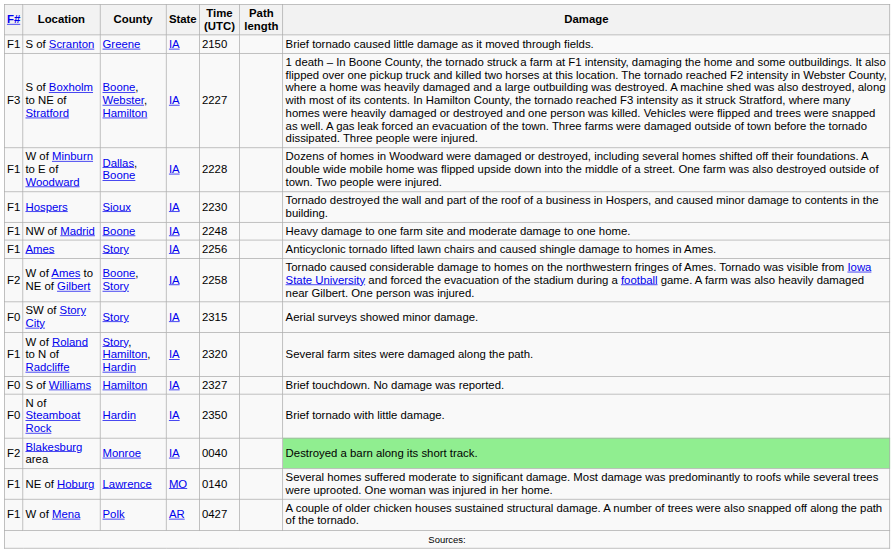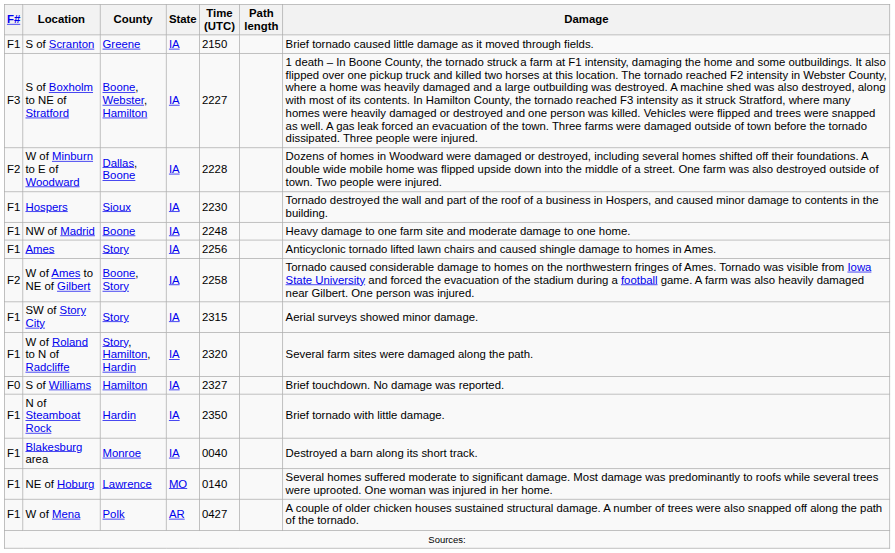 <table class="wikitable">
 <tr>
 <th><strong><a href='#'>F#</a></strong></th>
 <th><strong>Location</strong></th>
 <th><strong>County</strong></th>
 <th><strong>State</strong></th>
 <th><strong>Time (UTC)</strong></th>
 <th><strong>Path length</strong></th>
 <th><strong>Damage</strong></th>
 </tr>
 <tr>
 <td>F1</td>
 <td>S of <a href='#'>Scranton</a></td>
 <td><a href='#'>Greene</a></td>
 <td><a href='#'>IA</a></td>
 <td>2150</td>
 <td></td>
 <td>Brief tornado caused little damage as it moved through fields.</td>
 </tr>
 <tr>
 <td>F3</td>
 <td>S of <a href='#'>Boxholm</a> to NE of <a href='#'>Stratford</a></td>
 <td><a href='#'>Boone</a>, <a href='#'>Webster</a>, <a href='#'>Hamilton</a></td>
 <td><a href='#'>IA</a></td>
 <td>2227</td>
 <td></td>
 <td>1 death – In Boone County, the tornado struck a farm at F1 intensity, damaging the home and some outbuildings. It also flipped over one pickup truck and killed two horses at this location. The tornado reached F2 intensity in Webster County, where a home was heavily damaged and a large outbuilding was destroyed. A machine shed was also destroyed, along with most of its contents. In Hamilton County, the tornado reached F3 intensity as it struck Stratford, where many homes were heavily damaged or destroyed and one person was killed. Vehicles were flipped and trees were snapped as well. A gas leak forced an evacuation of the town. Three farms were damaged outside of town before the tornado dissipated. Three people were injured.</td>
 </tr>
 <tr>
-<td>F1</td>
+<td>F2</td>
 <td>W of <a href='#'>Minburn</a> to E of <a href='#'>Woodward</a></td>
 <td><a href='#'>Dallas</a>, <a href='#'>Boone</a></td>
 <td><a href='#'>IA</a></td>
 <td>2228</td>
 <td></td>
 <td>Dozens of homes in Woodward were damaged or destroyed, including several homes shifted off their foundations. A double wide mobile home was flipped upside down into the middle of a street. One farm was also destroyed outside of town. Two people were injured.</td>
 </tr>
 <tr>
 <td>F1</td>
 <td><a href='#'>Hospers</a></td>
 <td><a href='#'>Sioux</a></td>
 <td><a href='#'>IA</a></td>
 <td>2230</td>
 <td></td>
 <td>Tornado destroyed the wall and part of the roof of a business in Hospers, and caused minor damage to contents in the building.</td>
 </tr>
 <tr>
 <td>F1</td>
 <td>NW of <a href='#'>Madrid</a></td>
 <td><a href='#'>Boone</a></td>
 <td><a href='#'>IA</a></td>
 <td>2248</td>
 <td></td>
 <td>Heavy damage to one farm site and moderate damage to one home.</td>
 </tr>
 <tr>
 <td>F1</td>
 <td><a href='#'>Ames</a></td>
 <td><a href='#'>Story</a></td>
 <td><a href='#'>IA</a></td>
 <td>2256</td>
 <td></td>
 <td>Anticyclonic tornado lifted lawn chairs and caused shingle damage to homes in Ames.</td>
 </tr>
 <tr>
 <td>F2</td>
 <td>W of <a href='#'>Ames</a> to NE of <a href='#'>Gilbert</a></td>
 <td><a href='#'>Boone</a>, <a href='#'>Story</a></td>
 <td><a href='#'>IA</a></td>
 <td>2258</td>
 <td></td>
 <td>Tornado caused considerable damage to homes on the northwestern fringes of Ames. Tornado was visible from <a href='#'>Iowa State University</a> and forced the evacuation of the stadium during a <a href='#'>football</a> game. A farm was also heavily damaged near Gilbert. One person was injured.</td>
 </tr>
 <tr>
-<td>F0</td>
+<td>F1</td>
 <td>SW of <a href='#'>Story City</a></td>
 <td><a href='#'>Story</a></td>
 <td><a href='#'>IA</a></td>
 <td>2315</td>
 <td></td>
 <td>Aerial surveys showed minor damage.</td>
 </tr>
 <tr>
 <td>F1</td>
 <td>W of <a href='#'>Roland</a> to N of <a href='#'>Radcliffe</a></td>
 <td><a href='#'>Story</a>, <a href='#'>Hamilton</a>, <a href='#'>Hardin</a></td>
 <td><a href='#'>IA</a></td>
 <td>2320</td>
 <td></td>
 <td>Several farm sites were damaged along the path.</td>
 </tr>
 <tr>
 <td>F0</td>
 <td>S of <a href='#'>Williams</a></td>
 <td><a href='#'>Hamilton</a></td>
 <td><a href='#'>IA</a></td>
 <td>2327</td>
 <td></td>
 <td>Brief touchdown. No damage was reported.</td>
 </tr>
 <tr>
-<td>F0</td>
+<td>F1</td>
 <td>N of <a href='#'>Steamboat Rock</a></td>
 <td><a href='#'>Hardin</a></td>
 <td><a href='#'>IA</a></td>
 <td>2350</td>
 <td></td>
 <td>Brief tornado with little damage.</td>
 </tr>
 <tr>
-<td>F2</td>
+<td>F1</td>
 <td><a href='#'>Blakesburg</a> area</td>
 <td><a href='#'>Monroe</a></td>
 <td><a href='#'>IA</a></td>
 <td>0040</td>
 <td></td>
-<td style="background: lightgreen;">Destroyed a barn along its short track.</td>
+<td>Destroyed a barn along its short track.</td>
 </tr>
 <tr>
 <td>F1</td>
 <td>NE of <a href='#'>Hoburg</a></td>
 <td><a href='#'>Lawrence</a></td>
 <td><a href='#'>MO</a></td>
 <td>0140</td>
 <td></td>
 <td>Several homes suffered moderate to significant damage. Most damage was predominantly to roofs while several trees were uprooted. One woman was injured in her home.</td>
 </tr>
 <tr>
 <td>F1</td>
 <td>W of <a href='#'>Mena</a></td>
 <td><a href='#'>Polk</a></td>
 <td><a href='#'>AR</a></td>
 <td>0427</td>
 <td></td>
 <td>A couple of older chicken houses sustained structural damage. A number of trees were also snapped off along the path of the tornado.</td>
 </tr>
 <tr>
 <td colspan="8" align=center><small>Sources:  </small></td>
 </tr>
 </table>
